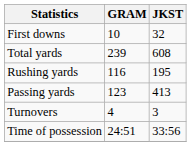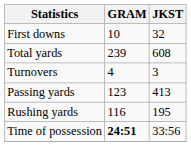 <table class="wikitable">
 <tr>
 <th>Statistics</th>
 <th>GRAM</th>
 <th>JKST</th>
 </tr>
 <tr>
 <td>First downs</td>
 <td>10</td>
 <td>32</td>
 </tr>
 <tr>
 <td>Total yards</td>
 <td>239</td>
 <td>608</td>
 </tr>
 <tr>
-<td>Rushing yards</td>
-<td>116</td>
-<td>195</td>
+<td>Turnovers</td>
+<td>4</td>
+<td>3</td>
 </tr>
 <tr>
 <td>Passing yards</td>
 <td>123</td>
 <td>413</td>
 </tr>
 <tr>
-<td>Turnovers</td>
-<td>4</td>
-<td>3</td>
+<td>Rushing yards</td>
+<td>116</td>
+<td>195</td>
 </tr>
 <tr>
 <td>Time of possession</td>
-<td>24:51</td>
+<td><strong>24:51</strong></td>
 <td>33:56</td>
 </tr>
 <tr>
 </tr>
 </table>
